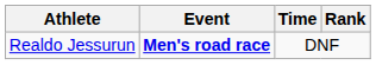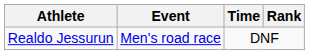 <table class=wikitable style="font-size:90%">
 <tr>
 <th>Athlete</th>
 <th>Event</th>
 <th>Time</th>
 <th>Rank</th>
 </tr>
 <tr align=center>
 <td align=left><a href='#'>Realdo Jessurun</a></td>
-<td align=left><strong><a href='#'>Men's road race</a></strong></td>
+<td align=left><a href='#'>Men's road race</a></td>
 <td colspan=2>DNF</td>
 </tr>
 </table>
